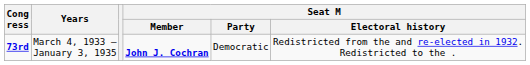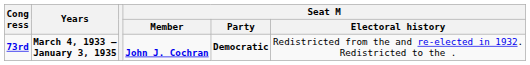 <table class=wikitable style="text-align:center">
 <tr>
 <th rowspan=2>Cong<br>ress</th>
 <th rowspan=2>Years</th>
 <th rowspan=99></th>
 <th colspan=3>Seat M</th>
 </tr>
 <tr>
 <th>Member</th>
 <th>Party</th>
 <th>Electoral history</th>
 </tr>
 <tr>
 <td><strong><a href='#'>73rd</a></strong></td>
-<td nowrap>March 4, 1933 –<br>January 3, 1935</td>
+<td nowrap><strong>March 4, 1933 –<br>January 3, 1935</strong></td>
 <td align=left><br><strong><a href='#'>John J. Cochran</a></strong><br></td>
-<td>Democratic</td>
+<td><strong>Democratic</strong></td>
 <td>Redistricted from the  and <a href='#'>re-elected in 1932</a>.<br>Redistricted to the .</td>
 </tr>
 </table>
